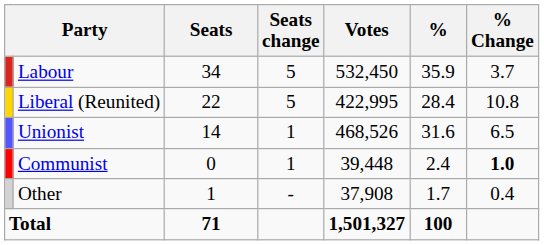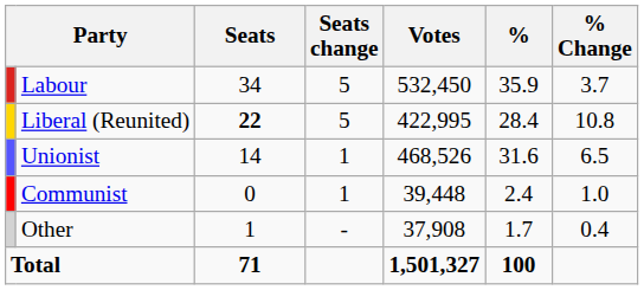 <table class="wikitable sortable">
 <tr>
 <th style="width:100px" colspan=2>Party</th>
 <th style="width:70px;">Seats</th>
 <th style="width:40px;">Seats change</th>
 <th style="width:40px;">Votes</th>
 <th style="width:40px;">%</th>
 <th style="width:40px;">% Change</th>
 </tr>
 <tr>
 <td bgcolor="#DC241f"></td>
 <td><a href='#'>Labour</a></td>
 <td align=center>34</td>
 <td align=center> 5</td>
 <td align=center>532,450</td>
 <td align=center>35.9</td>
 <td align=center> 3.7</td>
 </tr>
 <tr>
 <td bgcolor="#FFD700"></td>
 <td><a href='#'>Liberal</a> (Reunited)</td>
-<td align=center>22</td>
+<td align=center><strong>22</strong></td>
 <td align=center> 5</td>
 <td align=center>422,995</td>
 <td align=center>28.4</td>
 <td align=center> 10.8</td>
 </tr>
 <tr>
 <td bgcolor="#5555FF"></td>
 <td><a href='#'>Unionist</a></td>
 <td align=center>14</td>
 <td align=center> 1</td>
 <td align=center>468,526</td>
 <td align=center>31.6</td>
 <td align=center> 6.5</td>
 </tr>
 <tr>
 <td bgcolor="#FF0000"></td>
 <td><a href='#'>Communist</a></td>
 <td align=center>0</td>
 <td align=center> 1</td>
 <td align=center>39,448</td>
 <td align=center>2.4</td>
-<td align=center><strong> 1.0</strong></td>
+<td align=center> 1.0</td>
 </tr>
 <tr>
 <td bgcolor="#D3D3D3"></td>
 <td>Other</td>
 <td align="center">1</td>
 <td align="center">-</td>
 <td align="center">37,908</td>
 <td align="center">1.7</td>
 <td align="center"> 0.4</td>
 </tr>
 <tr>
 <td colspan=2><strong>Total</strong></td>
 <td align=center><strong>71</strong></td>
 <td align=center></td>
 <td align=center><strong>1,501,327</strong></td>
 <td align=center><strong>100</strong></td>
 <td align=center></td>
 </tr>
 </table>
